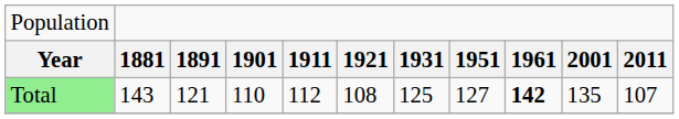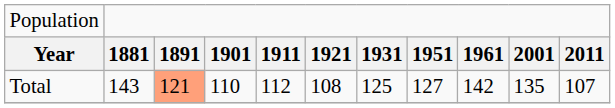 <table class="wikitable">
 <tr>
 <td>Population</td>
 </tr>
 <tr>
 <th>Year</th>
 <th>1881</th>
 <th>1891</th>
 <th>1901</th>
 <th>1911</th>
 <th>1921</th>
 <th>1931</th>
 <th>1951</th>
 <th>1961</th>
 <th>2001</th>
 <th>2011</th>
 </tr>
 <tr>
-<td style="background: lightgreen;">Total</td>
+<td>Total</td>
 <td>143</td>
-<td>121</td>
+<td style="background: lightsalmon;">121</td>
 <td>110</td>
 <td>112</td>
 <td>108</td>
 <td>125</td>
 <td>127</td>
-<td><strong>142</strong></td>
+<td>142</td>
 <td>135</td>
 <td>107</td>
 </tr>
 <tr>
 </tr>
 </table>
